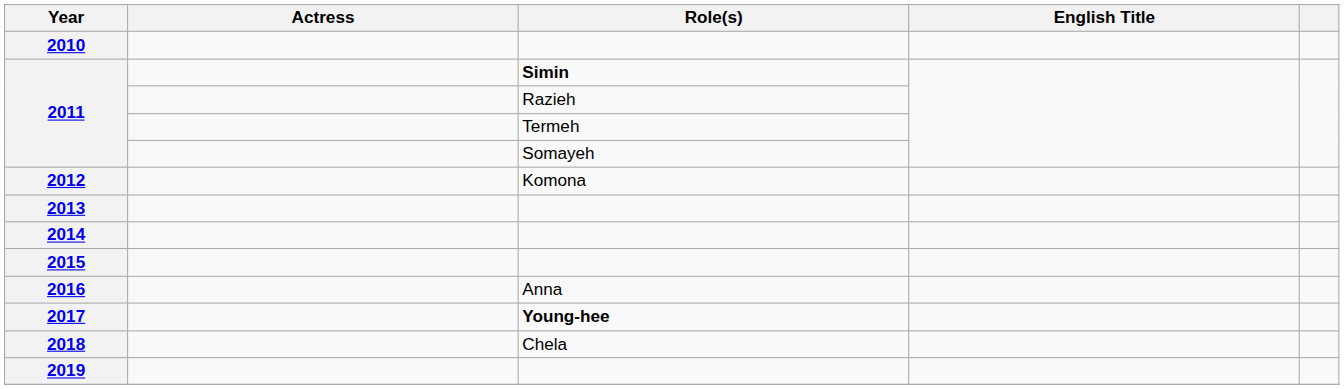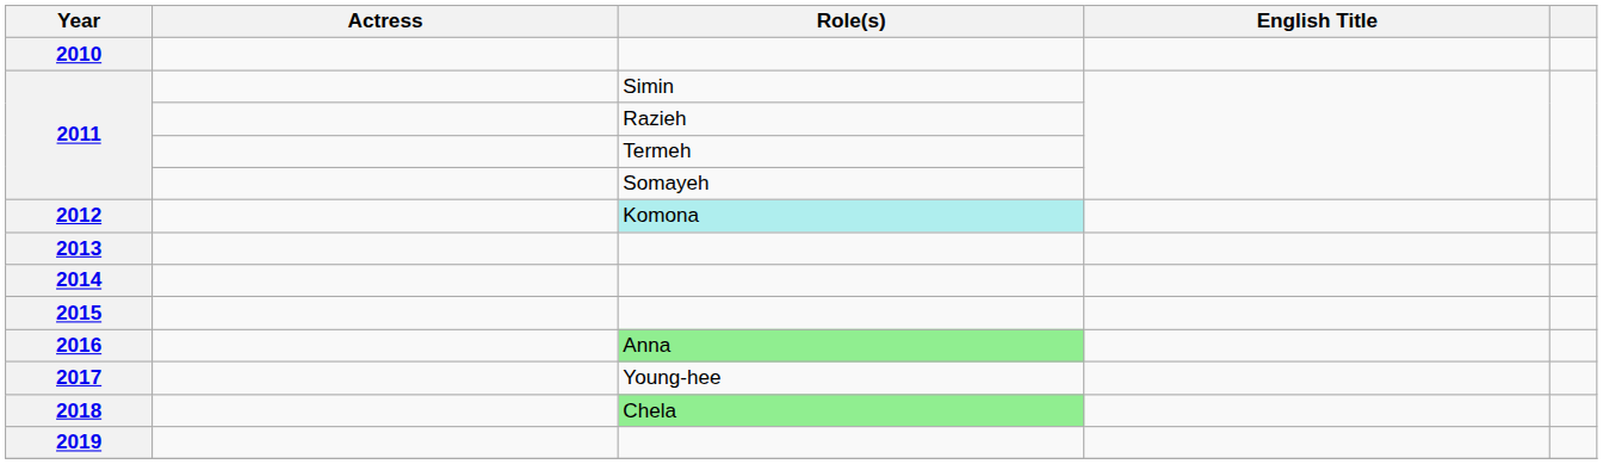 <table class="wikitable unsortable">
 <tr>
 <th scope="col" style="width:3%;">Year</th>
 <th scope="col" style="width:10%;">Actress</th>
 <th scope="col" style="width:10%;">Role(s)</th>
 <th scope="col" style="width:10%;">English Title</th>
 <th scope="col" style="width:1%;" class="unsortable"></th>
 </tr>
 <tr>
 <th scope="row" style="text-align:center"><a href='#'>2010</a></th>
 <td></td>
 <td></td>
 <td></td>
 <td style="text-align:center;"></td>
 </tr>
 <tr>
 <th scope="row", rowspan="4" style="text-align:center;"><a href='#'>2011</a></th>
 <td> </td>
-<td><strong>Simin</strong></td>
+<td>Simin</td>
 <td rowspan="4"></td>
 <td rowspan="4" style="text-align:center;"></td>
 </tr>
 <tr>
 <td> </td>
 <td>Razieh</td>
 </tr>
 <tr>
 <td> </td>
 <td>Termeh</td>
 </tr>
 <tr>
 <td> </td>
 <td>Somayeh</td>
 </tr>
 <tr>
 <th scope="row", style="text-align:center;"><a href='#'>2012</a></th>
 <td></td>
-<td>Komona</td>
+<td style="background: paleturquoise;">Komona</td>
 <td></td>
 <td style="text-align:center;"></td>
 </tr>
 <tr>
 <th scope="row", style="text-align:center;"><a href='#'>2013</a></th>
 <td></td>
 <td></td>
 <td colspan="1"></td>
 <td style="text-align:center;"></td>
 </tr>
 <tr>
 <th scope="row", style="text-align:center;"><a href='#'>2014</a></th>
 <td></td>
 <td></td>
 <td></td>
 <td style="text-align:center;"></td>
 </tr>
 <tr>
 <th scope="row", style="text-align:center;"><a href='#'>2015</a></th>
 <td></td>
 <td></td>
 <td colspan="1"></td>
 <td style="text-align:center;"></td>
 </tr>
 <tr>
 <th scope="row", style="text-align:center;"><a href='#'>2016</a></th>
 <td></td>
-<td>Anna</td>
+<td style="background: lightgreen;">Anna</td>
 <td></td>
 <td style="text-align:center;"></td>
 </tr>
 <tr>
 <th scope="row", style="text-align:center;"><a href='#'>2017</a></th>
 <td></td>
-<td><strong>Young-hee</strong></td>
+<td>Young-hee</td>
 <td></td>
 <td style="text-align:center;"></td>
 </tr>
 <tr>
 <th scope="row", style="text-align:center;"><a href='#'>2018</a></th>
 <td></td>
-<td>Chela</td>
+<td style="background: lightgreen;">Chela</td>
 <td></td>
 <td style="text-align:center;"></td>
 </tr>
 <tr>
 <th scope="row", style="text-align:center;"><a href='#'>2019</a></th>
 <td></td>
 <td></td>
 <td></td>
 <td style="text-align:center;"></td>
 </tr>
 <tr>
 </tr>
 </table>
